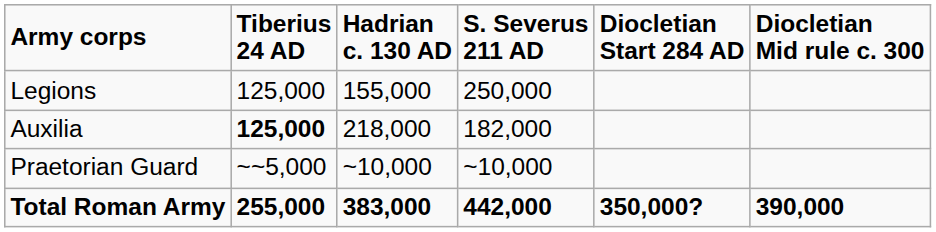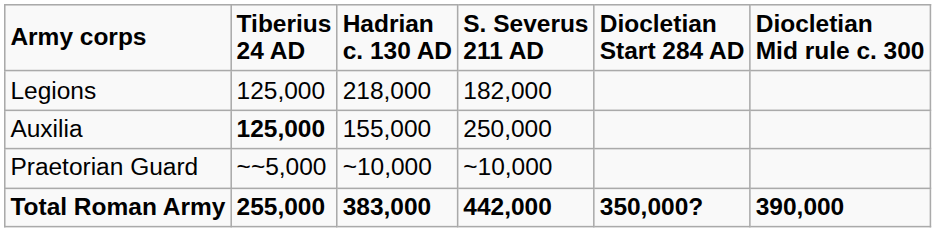 <table class = wikitable>
 <tr>
 <td><strong>Army corps</strong></td>
 <td><strong>Tiberius</strong><br><strong>24 AD</strong></td>
 <td><strong>Hadrian<br>c. 130 AD</strong></td>
 <td><strong>S. Severus<br>211 AD</strong></td>
 <td><strong>Diocletian</strong><br><strong>Start 284 AD</strong></td>
 <td><strong>Diocletian<br>Mid rule c. 300</strong></td>
 </tr>
 <tr>
 <td>Legions</td>
 <td>125,000</td>
-<td>155,000</td>
-<td>250,000</td>
+<td>218,000</td>
+<td>182,000</td>
 <td></td>
 <td></td>
 </tr>
 <tr>
 <td>Auxilia</td>
 <td><strong>125,000</strong></td>
-<td>218,000</td>
-<td>182,000</td>
+<td>155,000</td>
+<td>250,000</td>
 <td></td>
 <td></td>
 </tr>
 <tr>
 <td>Praetorian Guard</td>
 <td>~~5,000</td>
 <td>~10,000</td>
 <td>~10,000</td>
 <td></td>
 <td></td>
 </tr>
 <tr>
 <td><strong>Total Roman Army</strong></td>
 <td><strong>255,000</strong></td>
 <td><strong>383,000</strong></td>
 <td><strong>442,000</strong></td>
 <td><strong>350,000?</strong></td>
 <td><strong>390,000</strong></td>
 </tr>
 </table>
